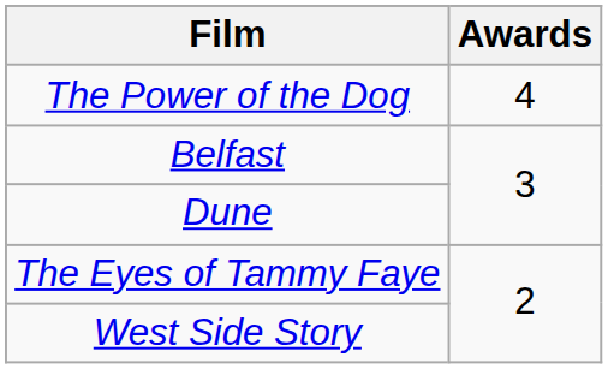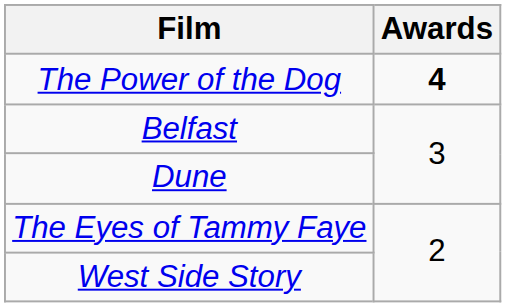 <table class="wikitable" rowspan="2" style="text-align:center" background: #f6e39c;>
 <tr>
 <th scope="col" style="text-align:center">Film</th>
 <th scope="col" style="width:55px">Awards</th>
 </tr>
 <tr>
 <td><em><a href='#'>The Power of the Dog</a></em></td>
-<td style="text-align:center">4</td>
+<td style="text-align:center"><strong>4</strong></td>
 </tr>
 <tr>
 <td><em><a href='#'>Belfast</a></em></td>
 <td rowspan="2" style="text-align:center">3</td>
 </tr>
 <tr>
 <td><em><a href='#'>Dune</a></em></td>
 </tr>
 <tr>
 <td><em><a href='#'>The Eyes of Tammy Faye</a></em></td>
 <td rowspan="2" style="text-align:center">2</td>
 </tr>
 <tr>
 <td><em><a href='#'>West Side Story</a></em></td>
 </tr>
 </table>
